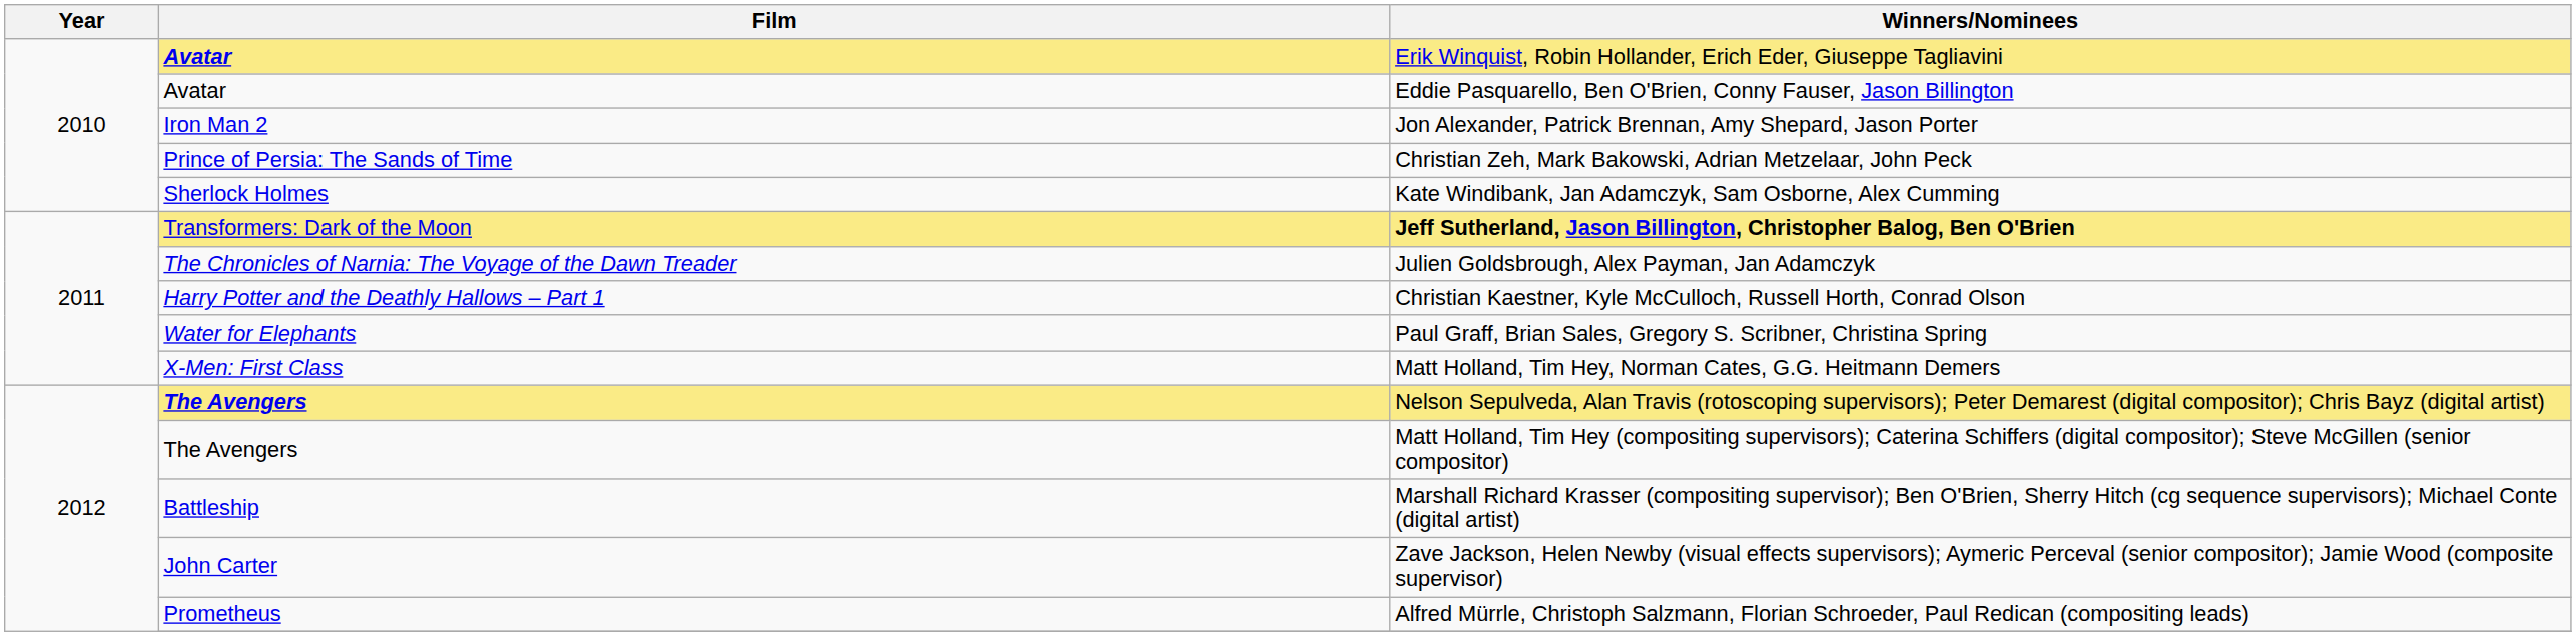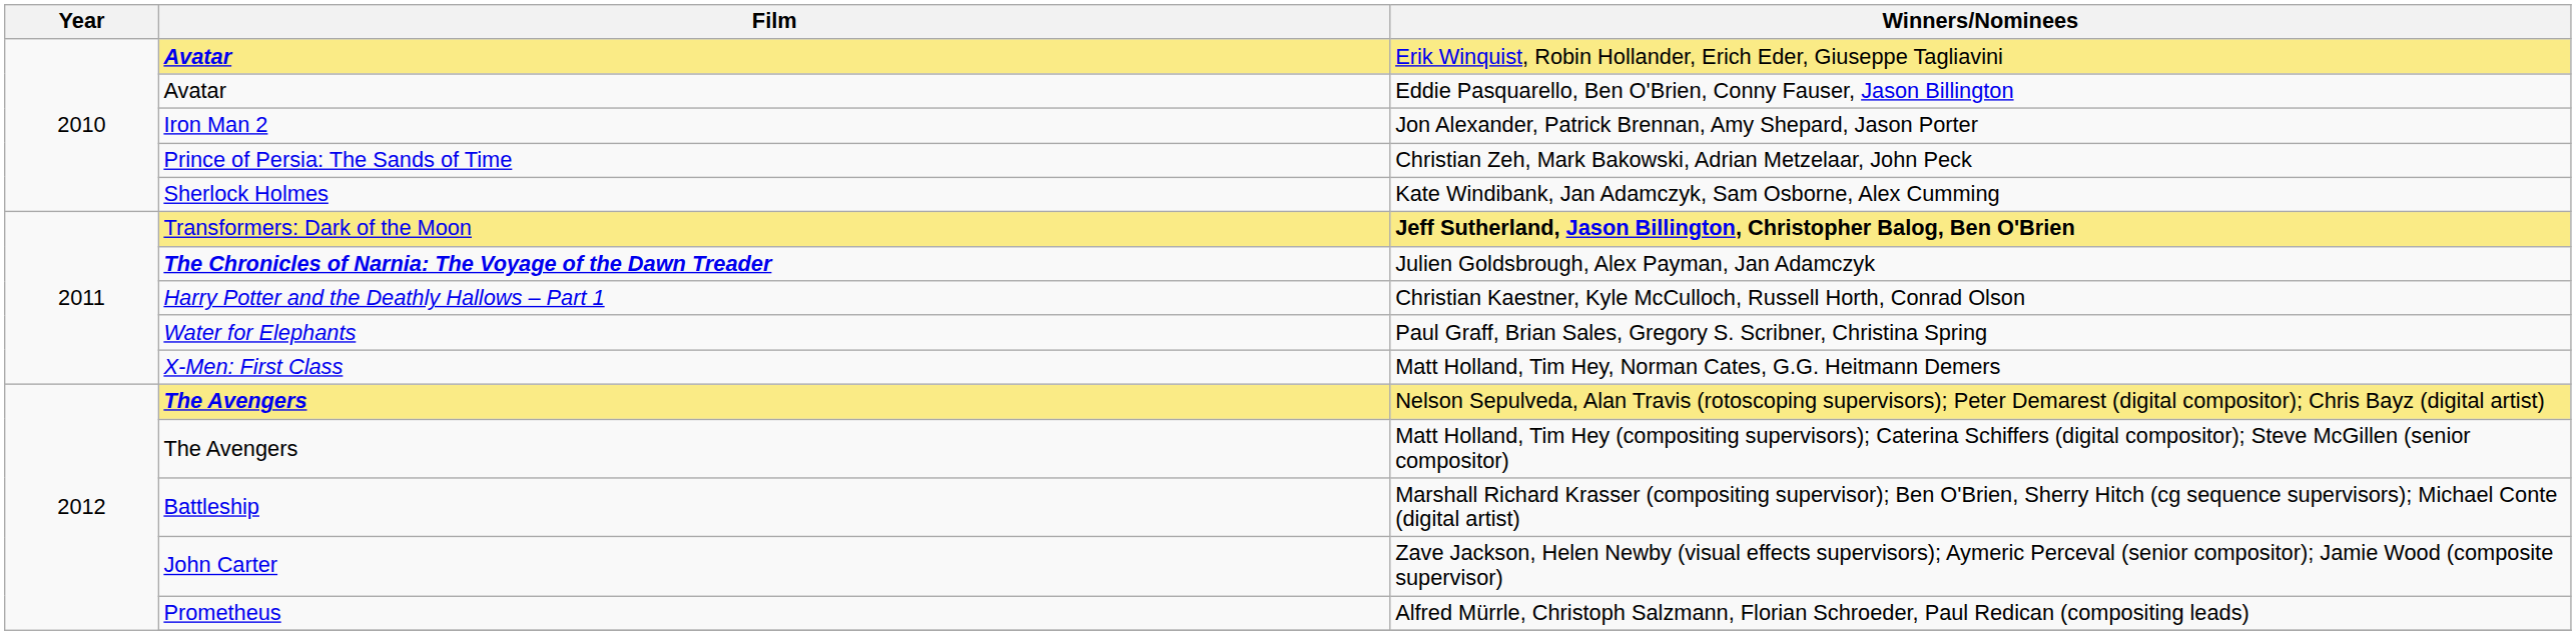 <table class="wikitable" width="95%" cellpadding="5">
 <tr>
 <th width="6%">Year</th>
 <th width="48%">Film</th>
 <th width="48%">Winners/Nominees</th>
 </tr>
 <tr>
 <td rowspan=5 style="text-align:center">2010<br></td>
 <td style="background:#FAEB86;"><strong><em><a href='#'>Avatar</a><em> <strong></td>
 <td style="background:#FAEB86;"></strong><a href='#'>Erik Winquist</a>, Robin Hollander, Erich Eder, Giuseppe Tagliavini<strong></td>
 </tr>
 <tr>
 <td></em>Avatar<em></td>
 <td>Eddie Pasquarello, Ben O'Brien, Conny Fauser, <a href='#'>Jason Billington</a></td>
 </tr>
 <tr>
 <td></em><a href='#'>Iron Man 2</a><em></td>
 <td>Jon Alexander, Patrick Brennan, Amy Shepard, Jason Porter</td>
 </tr>
 <tr>
 <td></em><a href='#'>Prince of Persia: The Sands of Time</a><em></td>
 <td>Christian Zeh, Mark Bakowski, Adrian Metzelaar, John Peck</td>
 </tr>
 <tr>
 <td></em><a href='#'>Sherlock Holmes</a><em></td>
 <td>Kate Windibank, Jan Adamczyk, Sam Osborne, Alex Cumming</td>
 </tr>
 <tr>
 <td rowspan=5 style="text-align:center">2011<br></td>
 <td style="background:#FAEB86;"></em></strong><a href='#'>Transformers: Dark of the Moon</a></em> </strong></td>
 <td style="background:#FAEB86;"><strong>Jeff Sutherland, <a href='#'>Jason Billington</a>, Christopher Balog, Ben O'Brien</strong></td>
 </tr>
 <tr>
-<td><em><a href='#'>The Chronicles of Narnia: The Voyage of the Dawn Treader</a></em></td>
+<td><strong><em><a href='#'>The Chronicles of Narnia: The Voyage of the Dawn Treader</a></em></strong></td>
 <td>Julien Goldsbrough, Alex Payman, Jan Adamczyk</td>
 </tr>
 <tr>
 <td><em><a href='#'>Harry Potter and the Deathly Hallows – Part 1</a></em></td>
 <td>Christian Kaestner, Kyle McCulloch, Russell Horth, Conrad Olson</td>
 </tr>
 <tr>
 <td><em><a href='#'>Water for Elephants</a></em></td>
 <td>Paul Graff, Brian Sales, Gregory S. Scribner, Christina Spring</td>
 </tr>
 <tr>
 <td><em><a href='#'>X-Men: First Class</a></em></td>
 <td>Matt Holland, Tim Hey, Norman Cates, G.G. Heitmann Demers</td>
 </tr>
 <tr>
 <td rowspan=6 style="text-align:center">2012<br></td>
 <td style="background:#FAEB86;"><strong><em><a href='#'>The Avengers</a><em> <strong></td>
 <td style="background:#FAEB86;"></strong>Nelson Sepulveda, Alan Travis (rotoscoping supervisors); Peter Demarest (digital compositor); Chris Bayz (digital artist)<strong></td>
 </tr>
 <tr>
 <td></em>The Avengers<em></td>
 <td>Matt Holland, Tim Hey (compositing supervisors); Caterina Schiffers (digital compositor); Steve McGillen (senior compositor)</td>
 </tr>
 <tr>
 <td></em><a href='#'>Battleship</a><em></td>
 <td>Marshall Richard Krasser (compositing supervisor); Ben O'Brien, Sherry Hitch (cg sequence supervisors); Michael Conte (digital artist)</td>
 </tr>
 <tr>
 <td></em><a href='#'>John Carter</a><em></td>
 <td>Zave Jackson, Helen Newby (visual effects supervisors); Aymeric Perceval (senior compositor); Jamie Wood (composite supervisor)</td>
 </tr>
 <tr>
 <td></em><a href='#'>Prometheus</a><em></td>
 <td>Alfred Mürrle, Christoph Salzmann, Florian Schroeder, Paul Redican (compositing leads)</td>
 </tr>
 <tr>
 </tr>
 </table>
